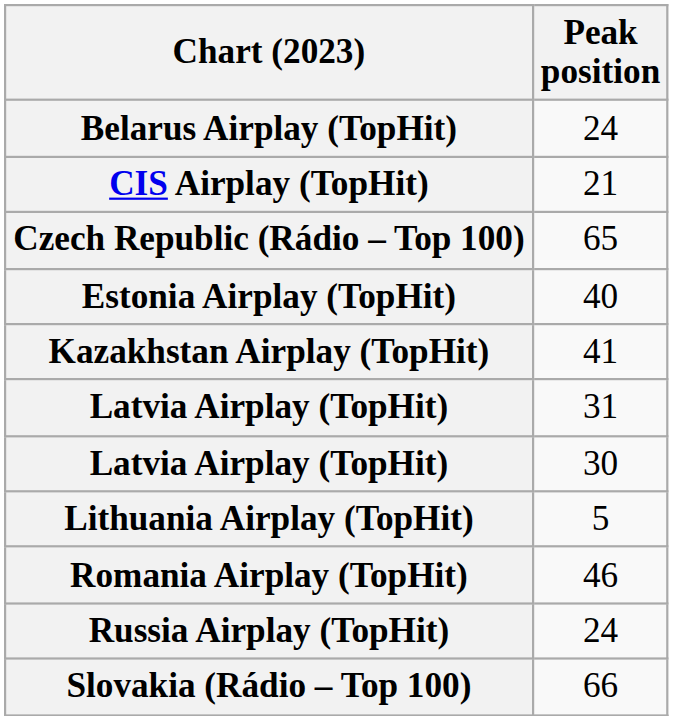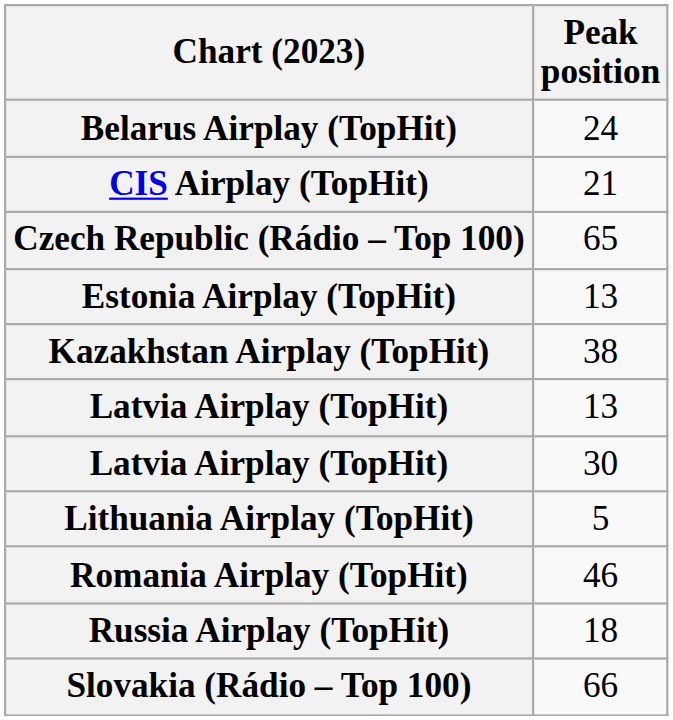 <table class="wikitable plainrowheaders sortable" style="text-align:center">
 <tr>
 <th scope="col">Chart (2023)</th>
 <th scope="col">Peak<br>position</th>
 </tr>
 <tr>
 <th scope="row">Belarus Airplay (TopHit)</th>
 <td>24</td>
 </tr>
 <tr>
 <th scope="row"><a href='#'>CIS</a> Airplay (TopHit)</th>
 <td>21</td>
 </tr>
 <tr>
 <th scope="row">Czech Republic (Rádio – Top 100)</th>
 <td>65</td>
 </tr>
 <tr>
 <th scope="row">Estonia Airplay (TopHit)</th>
-<td>40</td>
+<td>13</td>
 </tr>
 <tr>
 <th scope="row">Kazakhstan Airplay (TopHit)</th>
-<td>41</td>
+<td>38</td>
 </tr>
 <tr>
 <th scope="row">Latvia Airplay (TopHit)</th>
-<td>31</td>
+<td>13</td>
 </tr>
 <tr>
 <th scope="row">Latvia Airplay (TopHit)<br></th>
 <td>30</td>
 </tr>
 <tr>
 <th scope="row">Lithuania Airplay (TopHit)</th>
 <td>5</td>
 </tr>
 <tr>
 <th scope="row">Romania Airplay (TopHit)</th>
 <td>46</td>
 </tr>
 <tr>
 <th scope="row">Russia Airplay (TopHit)</th>
-<td>24</td>
+<td>18</td>
 </tr>
 <tr>
 <th scope="row">Slovakia (Rádio – Top 100)</th>
 <td>66</td>
 </tr>
 <tr>
 </tr>
 </table>
